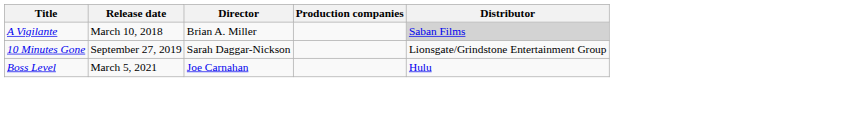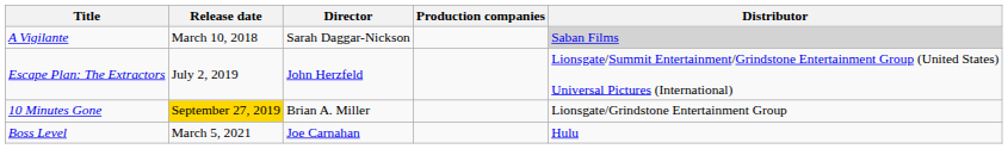 <table class="wikitable sortable">
 <tr>
 <th>Title</th>
 <th>Release date</th>
 <th>Director</th>
 <th>Production companies</th>
 <th>Distributor</th>
 </tr>
 <tr>
 <td><em><a href='#'>A Vigilante</a></em></td>
 <td>March 10, 2018</td>
-<td>Brian A. Miller</td>
+<td>Sarah Daggar-Nickson</td>
 <td></td>
 <td style="background: lightgrey;"><a href='#'>Saban Films</a></td>
 </tr>
 <tr>
+<td><em><a href='#'>Escape Plan: The Extractors</a></em></td>
+<td>July 2, 2019</td>
+<td><a href='#'>John Herzfeld</a></td>
+<td></td>
+<td><a href='#'>Lionsgate</a>/<a href='#'>Summit Entertainment</a>/<a href='#'>Grindstone Entertainment Group</a> (United States)<br><br><a href='#'>Universal Pictures</a>  (International)</td>
+</tr>
+<tr>
 <td><em><a href='#'>10 Minutes Gone</a></em></td>
-<td>September 27, 2019</td>
-<td>Sarah Daggar-Nickson</td>
+<td style="background: gold;">September 27, 2019</td>
+<td>Brian A. Miller</td>
 <td></td>
 <td>Lionsgate/Grindstone Entertainment Group</td>
 </tr>
 <tr>
 <td><em><a href='#'>Boss Level</a></em></td>
 <td>March 5, 2021</td>
 <td><a href='#'>Joe Carnahan</a></td>
 <td></td>
 <td><a href='#'>Hulu</a></td>
 </tr>
 </table>
